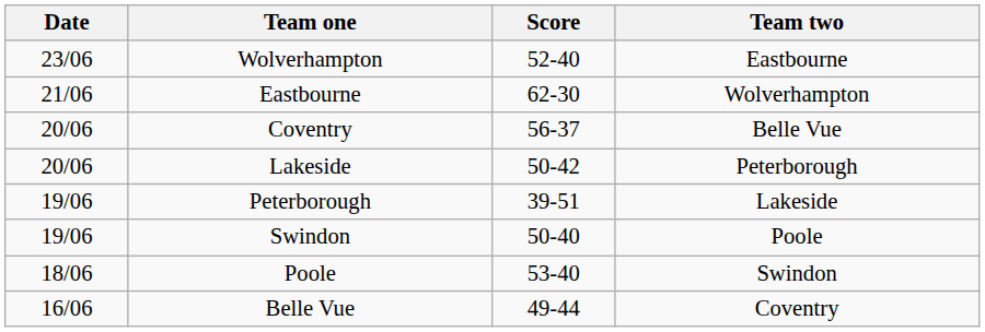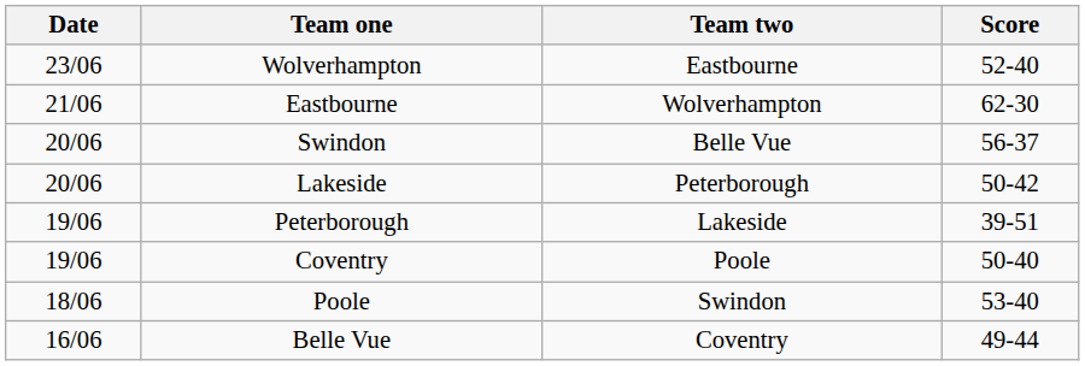 <table class="wikitable" style="text-align: center">
 <tr>
 <th width=80>Date</th>
 <th width=250>Team one</th>
+<th width=250>Team two</th>
 <th width=80>Score</th>
-<th width=250>Team two</th>
 </tr>
 <tr>
 <td>23/06</td>
 <td>Wolverhampton</td>
+<td>Eastbourne</td>
 <td>52-40</td>
-<td>Eastbourne</td>
 </tr>
 <tr>
 <td>21/06</td>
 <td>Eastbourne</td>
+<td>Wolverhampton</td>
 <td>62-30</td>
-<td>Wolverhampton</td>
 </tr>
 <tr>
 <td>20/06</td>
-<td>Coventry</td>
+<td>Swindon</td>
+<td>Belle Vue</td>
 <td>56-37</td>
-<td>Belle Vue</td>
 </tr>
 <tr>
 <td>20/06</td>
 <td>Lakeside</td>
+<td>Peterborough</td>
 <td>50-42</td>
-<td>Peterborough</td>
 </tr>
 <tr>
 <td>19/06</td>
 <td>Peterborough</td>
+<td>Lakeside</td>
 <td>39-51</td>
-<td>Lakeside</td>
 </tr>
 <tr>
 <td>19/06</td>
-<td>Swindon</td>
+<td>Coventry</td>
+<td>Poole</td>
 <td>50-40</td>
-<td>Poole</td>
 </tr>
 <tr>
 <td>18/06</td>
 <td>Poole</td>
+<td>Swindon</td>
 <td>53-40</td>
-<td>Swindon</td>
 </tr>
 <tr>
 <td>16/06</td>
 <td>Belle Vue</td>
+<td>Coventry</td>
 <td>49-44</td>
-<td>Coventry</td>
 </tr>
 </table>
